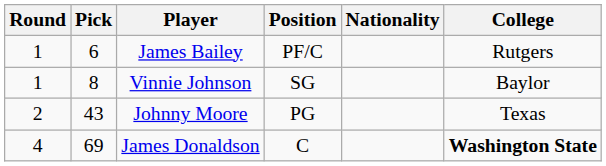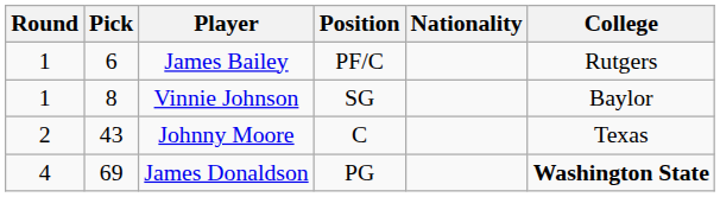 <table class="wikitable sortable sortable">
 <tr>
 <th>Round</th>
 <th>Pick</th>
 <th>Player</th>
 <th>Position</th>
 <th>Nationality</th>
 <th>College</th>
 </tr>
 <tr style="text-align: center">
 <td>1</td>
 <td>6</td>
 <td><a href='#'>James Bailey</a></td>
 <td>PF/C</td>
 <td></td>
 <td>Rutgers</td>
 </tr>
 <tr style="text-align: center">
 <td>1</td>
 <td>8</td>
 <td><a href='#'>Vinnie Johnson</a></td>
 <td>SG</td>
 <td></td>
 <td>Baylor</td>
 </tr>
 <tr style="text-align: center">
 <td>2</td>
 <td>43</td>
 <td><a href='#'>Johnny Moore</a></td>
-<td>PG</td>
+<td>C</td>
 <td></td>
 <td>Texas</td>
 </tr>
 <tr style="text-align: center">
 <td>4</td>
 <td>69</td>
 <td><a href='#'>James Donaldson</a></td>
-<td>C</td>
+<td>PG</td>
 <td></td>
 <td><strong>Washington State</strong></td>
 </tr>
 </table>
